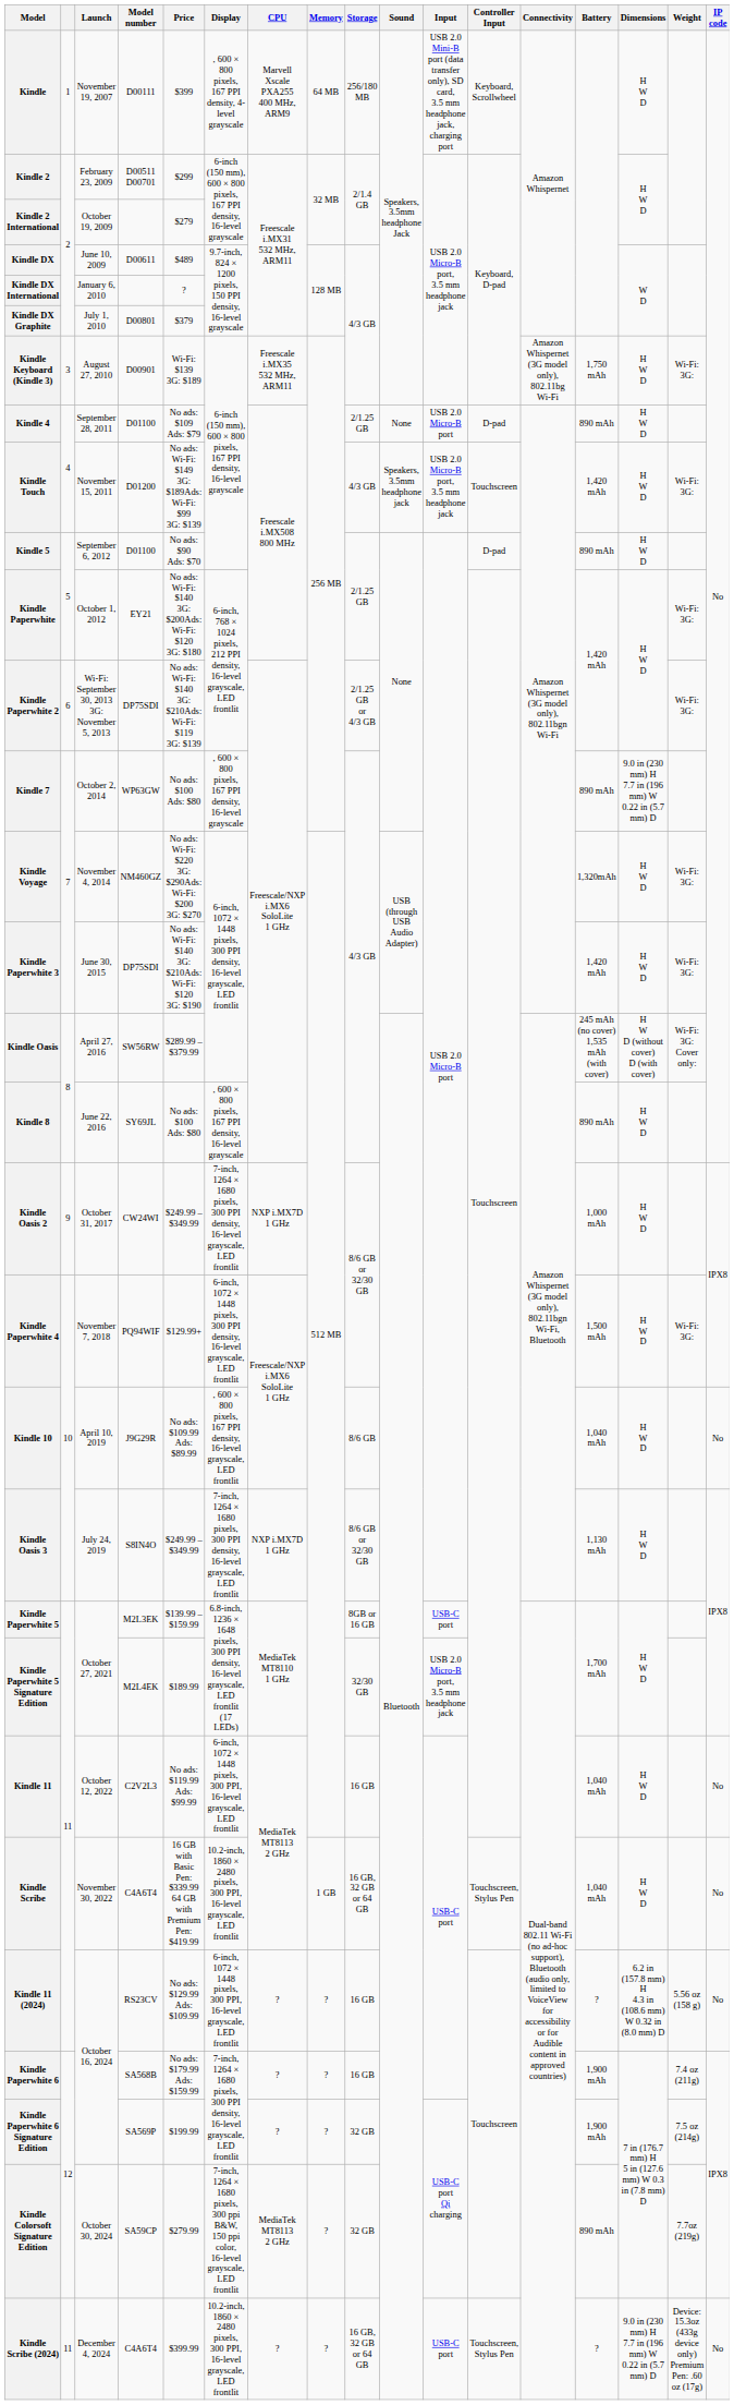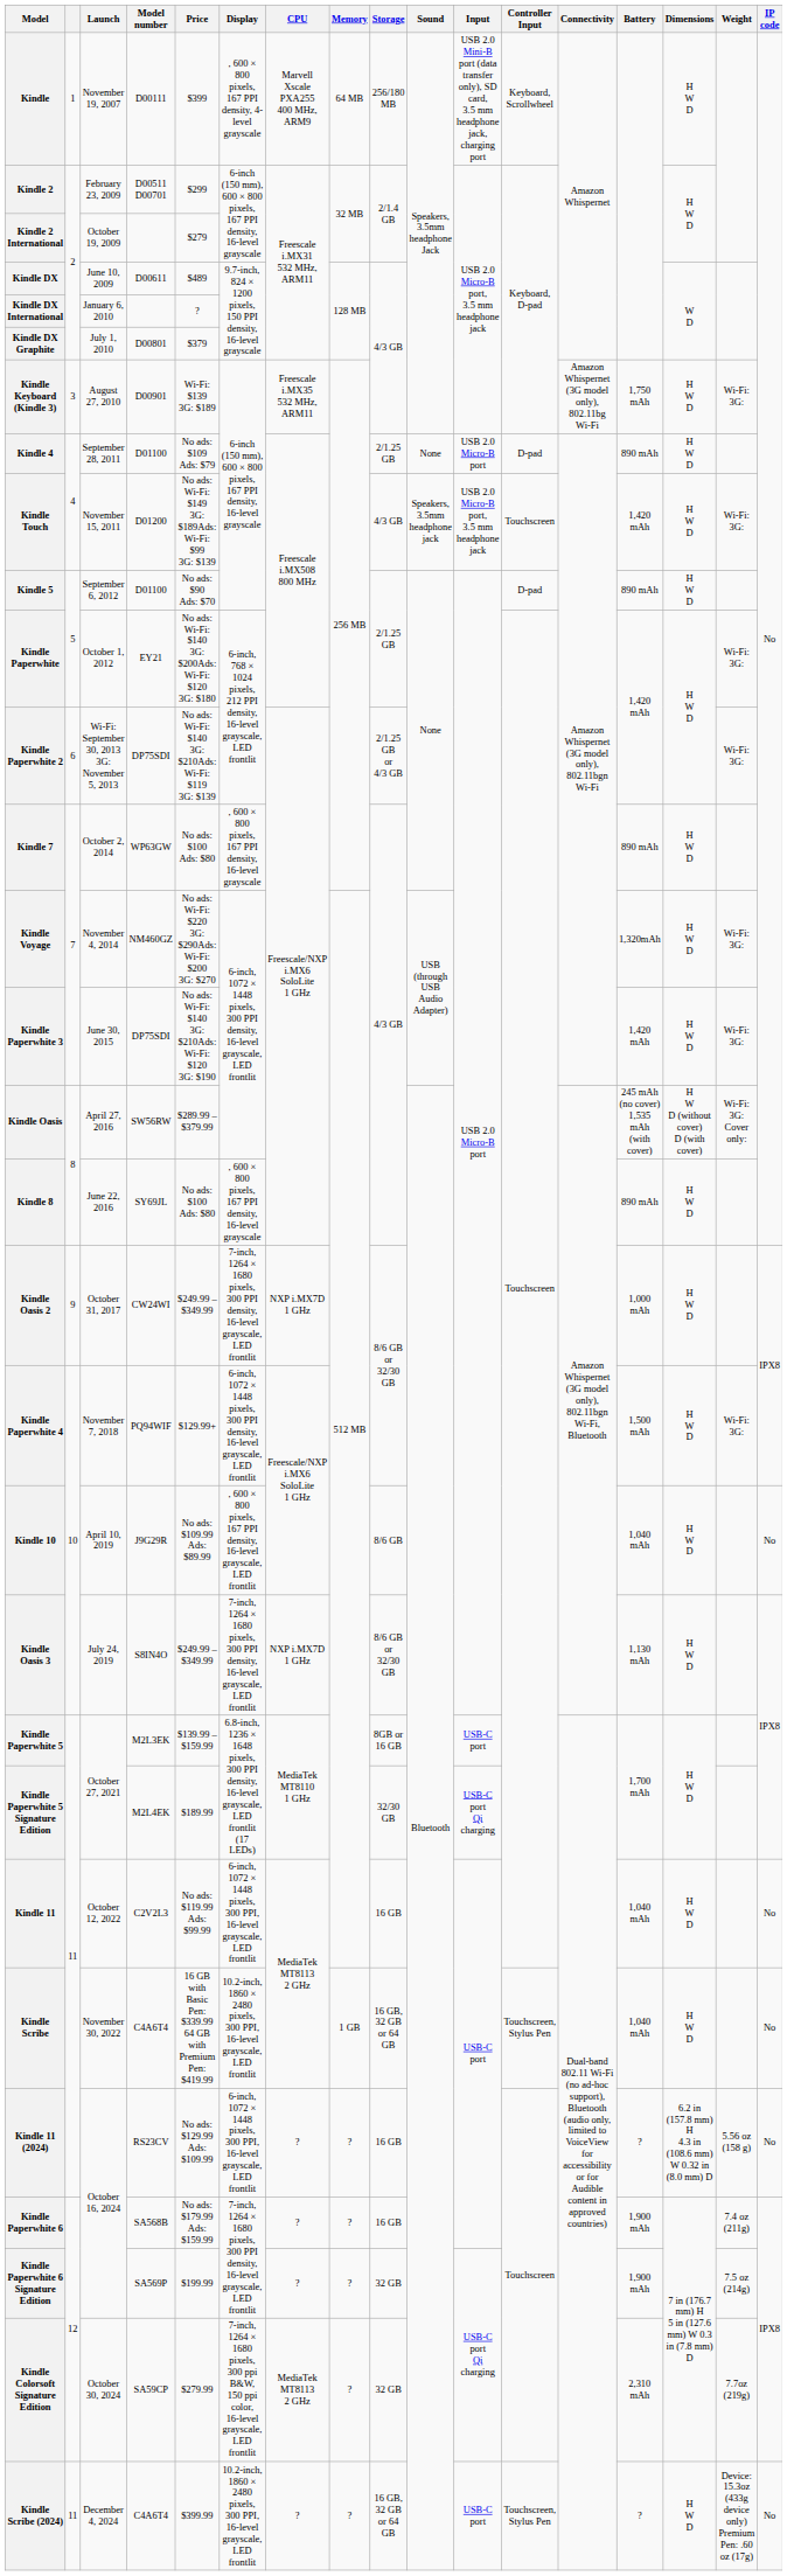 <table class="wikitable sortable" style="font-size:85%; text-align: center;">
 <tr>
 <th>Model</th>
 <th></th>
 <th>Launch</th>
 <th>Model number</th>
 <th>Price</th>
 <th>Display</th>
 <th><a href='#'>CPU</a></th>
 <th><a href='#'>Memory</a></th>
 <th><a href='#'>Storage</a></th>
 <th>Sound</th>
 <th>Input</th>
 <th>Controller Input</th>
 <th>Connectivity</th>
 <th>Battery</th>
 <th>Dimensions</th>
 <th>Weight</th>
 <th><a href='#'>IP code</a></th>
 </tr>
 <tr>
 <th>Kindle</th>
 <td>1</td>
 <td>November 19, 2007</td>
 <td>D00111</td>
 <td>$399</td>
 <td>, 600 × 800 pixels, 167 PPI density, 4-level grayscale</td>
 <td>Marvell Xscale PXA255 400 MHz, ARM9</td>
 <td>64 MB</td>
 <td>256/180 MB</td>
 <td rowspan="7">Speakers, 3.5mm headphone Jack</td>
 <td>USB 2.0 <a href='#'>Mini-B</a> port (data transfer only), SD card, 3.5 mm headphone jack, charging port</td>
 <td>Keyboard, Scrollwheel</td>
 <td rowspan="6">Amazon Whispernet</td>
 <td rowspan="6"></td>
 <td> H<br> W<br> D</td>
 <td rowspan="3"></td>
 <td rowspan="17">No</td>
 </tr>
 <tr>
 <th>Kindle 2</th>
 <td rowspan="5">2</td>
 <td>February 23, 2009</td>
 <td>D00511<br>D00701</td>
 <td>$299</td>
 <td rowspan="2">6-inch (150 mm), 600 × 800 pixels, 167 PPI density, 16-level grayscale</td>
 <td rowspan="5">Freescale i.MX31 532 MHz, ARM11</td>
 <td rowspan="2">32 MB</td>
 <td rowspan="2">2/1.4 GB</td>
 <td rowspan="6">USB 2.0 <a href='#'>Micro-B</a> port, 3.5 mm headphone jack</td>
 <td rowspan="6">Keyboard, D-pad</td>
 <td rowspan="2"> H<br> W<br> D</td>
 </tr>
 <tr>
 <th>Kindle 2 International</th>
 <td>October 19, 2009</td>
 <td></td>
 <td>$279</td>
 </tr>
 <tr>
 <th>Kindle DX</th>
 <td>June 10, 2009</td>
 <td>D00611</td>
 <td>$489</td>
 <td rowspan="3">9.7-inch, 824 × 1200 pixels, 150 PPI density, 16-level grayscale</td>
 <td rowspan="3">128 MB</td>
 <td rowspan="4">4/3 GB</td>
 <td rowspan="3"><br> W<br> D</td>
 <td rowspan="3"></td>
 </tr>
 <tr>
 <th>Kindle DX International</th>
 <td>January 6, 2010</td>
 <td></td>
 <td>?</td>
 </tr>
 <tr>
 <th>Kindle DX Graphite</th>
 <td>July 1, 2010</td>
 <td>D00801</td>
 <td>$379</td>
 </tr>
 <tr>
 <th>Kindle Keyboard<br>(Kindle 3)</th>
 <td>3</td>
 <td>August 27, 2010</td>
 <td>D00901</td>
 <td>Wi-Fi: $139<br>3G: $189</td>
 <td rowspan="4">6-inch (150 mm), 600 × 800 pixels, 167 PPI density, 16-level grayscale</td>
 <td>Freescale i.MX35 532 MHz, ARM11</td>
 <td rowspan="7">256 MB</td>
 <td>Amazon Whispernet (3G model only), 802.11bg Wi-Fi</td>
 <td>1,750 mAh</td>
 <td> H<br> W<br> D</td>
 <td>Wi-Fi: 3G: </td>
 </tr>
 <tr>
 <th>Kindle 4</th>
 <td rowspan="2">4</td>
 <td>September 28, 2011</td>
 <td>D01100</td>
 <td>No ads: $109<br>Ads: $79</td>
 <td rowspan="4">Freescale i.MX508 800 MHz</td>
 <td>2/1.25 GB</td>
 <td>None</td>
 <td>USB 2.0 <a href='#'>Micro-B</a> port</td>
 <td>D-pad</td>
 <td rowspan="8">Amazon Whispernet (3G model only), 802.11bgn Wi-Fi</td>
 <td>890 mAh</td>
 <td> H<br> W<br> D</td>
 <td></td>
 </tr>
 <tr>
 <th>Kindle Touch</th>
 <td>November 15, 2011</td>
 <td>D01200</td>
 <td>No ads:<br>Wi-Fi: $149<br>3G: $189Ads:<br>Wi-Fi: $99<br>3G: $139</td>
 <td>4/3 GB</td>
 <td>Speakers, 3.5mm headphone jack</td>
 <td>USB 2.0 <a href='#'>Micro-B</a> port, 3.5 mm headphone jack</td>
 <td>Touchscreen</td>
 <td>1,420 mAh</td>
 <td> H<br> W<br> D</td>
 <td>Wi-Fi: 3G: </td>
 </tr>
 <tr>
 <th>Kindle 5</th>
 <td rowspan="2">5</td>
 <td>September 6, 2012</td>
 <td>D01100</td>
 <td>No ads: $90<br>Ads: $70</td>
 <td rowspan="2">2/1.25 GB</td>
 <td rowspan="4">None</td>
 <td rowspan="12">USB 2.0 <a href='#'>Micro-B</a> port</td>
 <td>D-pad</td>
 <td>890 mAh</td>
 <td> H<br> W<br> D</td>
 <td></td>
 </tr>
 <tr>
 <th>Kindle Paperwhite</th>
 <td>October 1, 2012</td>
 <td>EY21</td>
 <td>No ads:<br>Wi-Fi: $140<br>3G: $200Ads:<br>Wi-Fi: $120<br>3G: $180</td>
 <td rowspan="2">6-inch, 768 × 1024 pixels, 212 PPI density, 16-level grayscale, LED frontlit</td>
 <td rowspan="14">Touchscreen</td>
 <td rowspan="2">1,420 mAh</td>
 <td rowspan="2"> H<br> W<br> D</td>
 <td>Wi-Fi: 3G: </td>
 </tr>
 <tr>
 <th>Kindle Paperwhite 2</th>
 <td>6</td>
 <td>Wi-Fi: September 30, 2013<br>3G: November 5, 2013</td>
 <td>DP75SDI</td>
 <td>No ads:<br>Wi-Fi: $140<br>3G: $210Ads:<br>Wi-Fi: $119<br>3G: $139</td>
 <td rowspan="6">Freescale/NXP i.MX6 SoloLite 1 GHz</td>
 <td>2/1.25 GB<br>or<br>4/3 GB</td>
 <td>Wi-Fi: 3G: </td>
 </tr>
 <tr>
 <th>Kindle 7</th>
 <td rowspan="3">7</td>
 <td>October 2, 2014</td>
 <td>WP63GW</td>
 <td>No ads: $100<br>Ads: $80</td>
 <td>, 600 × 800 pixels, 167 PPI density, 16-level grayscale</td>
 <td rowspan="5">4/3 GB</td>
 <td>890 mAh</td>
-<td>9.0 in (230 mm) H<br>7.7 in (196 mm) W 0.22 in (5.7 mm) D</td>
+<td> H<br> W<br> D</td>
 <td></td>
 </tr>
 <tr>
 <th>Kindle Voyage</th>
 <td>November 4, 2014</td>
 <td>NM460GZ</td>
 <td>No ads:<br>Wi-Fi: $220<br>3G: $290Ads:<br>Wi-Fi: $200<br>3G: $270</td>
 <td rowspan="3">6-inch, 1072 × 1448 pixels, 300 PPI density, 16-level grayscale, LED frontlit</td>
 <td rowspan="11">512 MB</td>
 <td rowspan="2">USB (through USB Audio Adapter)</td>
 <td>1,320mAh</td>
 <td> H<br> W<br> D</td>
 <td>Wi-Fi: 3G: </td>
 </tr>
 <tr>
 <th>Kindle Paperwhite 3</th>
 <td>June 30, 2015</td>
 <td>DP75SDI</td>
 <td>No ads:<br>Wi-Fi: $140<br>3G: $210Ads:<br>Wi-Fi: $120<br>3G: $190</td>
 <td>1,420 mAh</td>
 <td> H<br> W<br> D</td>
 <td>Wi-Fi: 3G: </td>
 </tr>
 <tr>
 <th>Kindle Oasis</th>
 <td rowspan="2">8</td>
 <td>April 27, 2016</td>
 <td>SW56RW</td>
 <td>$289.99 – $379.99</td>
 <td rowspan="15">Bluetooth</td>
 <td rowspan="6">Amazon Whispernet (3G model only), 802.11bgn Wi-Fi, Bluetooth</td>
 <td>245 mAh (no cover)<br>1,535 mAh (with cover)</td>
 <td> H<br> W<br> D (without cover)<br> D (with cover)</td>
 <td>Wi-Fi: 3G: Cover only: </td>
 </tr>
 <tr>
 <th>Kindle 8</th>
 <td>June 22, 2016</td>
 <td>SY69JL</td>
 <td>No ads: $100<br>Ads: $80</td>
 <td>, 600 × 800 pixels, 167 PPI density, 16-level grayscale</td>
 <td>890 mAh</td>
 <td> H<br> W<br> D</td>
 <td></td>
 </tr>
 <tr>
 <th>Kindle Oasis 2</th>
 <td>9</td>
 <td>October 31, 2017</td>
 <td>CW24WI</td>
 <td>$249.99 – $349.99</td>
 <td>7-inch, 1264 × 1680 pixels, 300 PPI density, 16-level grayscale, LED frontlit</td>
 <td>NXP i.MX7D 1 GHz</td>
 <td rowspan="2">8/6 GB or 32/30 GB</td>
 <td>1,000 mAh</td>
 <td> H<br> W<br> D</td>
 <td></td>
 <td rowspan="2">IPX8</td>
 </tr>
 <tr>
 <th>Kindle Paperwhite 4</th>
 <td rowspan="3">10</td>
 <td>November 7, 2018</td>
 <td>PQ94WIF</td>
 <td>$129.99+</td>
 <td>6-inch, 1072 × 1448 pixels, 300 PPI density, 16-level grayscale, LED frontlit</td>
 <td rowspan="2">Freescale/NXP i.MX6 SoloLite 1 GHz</td>
 <td>1,500 mAh</td>
 <td> H<br> W<br> D</td>
 <td>Wi-Fi: 3G: </td>
 </tr>
 <tr>
 <th>Kindle 10</th>
 <td>April 10, 2019</td>
 <td>J9G29R</td>
 <td>No ads: $109.99<br>Ads: $89.99</td>
 <td>, 600 × 800 pixels, 167 PPI density, 16-level grayscale, LED frontlit</td>
 <td>8/6 GB</td>
 <td>1,040 mAh</td>
 <td> H<br> W<br> D</td>
 <td></td>
 <td>No</td>
 </tr>
 <tr>
 <th>Kindle Oasis 3</th>
 <td>July 24, 2019</td>
 <td>S8IN4O</td>
 <td>$249.99 – $349.99</td>
 <td>7-inch, 1264 × 1680 pixels, 300 PPI density, 16-level grayscale, LED frontlit</td>
 <td>NXP i.MX7D 1 GHz</td>
 <td>8/6 GB or 32/30 GB</td>
 <td>1,130 mAh</td>
 <td> H<br> W<br> D</td>
 <td></td>
 <td rowspan=3>IPX8</td>
 </tr>
 <tr>
 <th>Kindle Paperwhite 5</th>
 <td rowspan="5">11</td>
 <td rowspan=2>October 27, 2021</td>
 <td>M2L3EK</td>
 <td>$139.99 – $159.99</td>
 <td rowspan="2">6.8-inch, 1236 × 1648 pixels, 300 PPI density, 16-level grayscale,<br>LED frontlit (17 LEDs)</td>
 <td rowspan="2">MediaTek MT8110<br>1 GHz </td>
 <td>8GB or<br>16 GB</td>
 <td><a href='#'>USB-C</a> port</td>
 <td rowspan="9">Dual-band 802.11 Wi-Fi (no ad-hoc support), Bluetooth (audio only, limited to VoiceView for accessibility or for Audible content in approved countries)</td>
 <td rowspan="2">1,700 mAh<br></td>
 <td rowspan=2> H<br> W<br> D</td>
 <td></td>
 </tr>
 <tr>
 <th>Kindle Paperwhite 5 Signature Edition</th>
 <td>M2L4EK</td>
 <td>$189.99</td>
 <td>32/30 GB</td>
-<td>USB 2.0 <a href='#'>Micro-B</a> port, 3.5 mm headphone jack</td>
+<td><a href='#'>USB-C</a> port<br><a href='#'>Qi</a> charging</td>
 <td></td>
 </tr>
 <tr>
 <th>Kindle 11</th>
 <td>October 12, 2022</td>
 <td>C2V2L3</td>
 <td>No ads: $119.99<br>Ads: $99.99</td>
 <td>6-inch, 1072 × 1448 pixels, 300 PPI, 16-level grayscale,<br>LED frontlit</td>
 <td rowspan="2">MediaTek MT8113<br>2 GHz</td>
 <td>16 GB</td>
 <td rowspan="4"><a href='#'>USB-C</a> port</td>
 <td>1,040 mAh</td>
 <td> H<br> W<br> D</td>
 <td></td>
 <td>No</td>
 </tr>
 <tr>
 <th>Kindle Scribe</th>
 <td>November 30, 2022</td>
 <td>C4A6T4</td>
 <td>16 GB with Basic Pen:<br>$339.99 64 GB with Premium Pen: $419.99</td>
 <td>10.2-inch, 1860 × 2480 pixels, 300 PPI, 16-level grayscale, LED frontlit</td>
 <td>1 GB</td>
 <td>16 GB,<br>32 GB or  64 GB</td>
 <td>Touchscreen, Stylus Pen</td>
 <td>1,040 mAh</td>
 <td> H<br> W<br> D</td>
 <td></td>
 <td>No</td>
 </tr>
 <tr>
 <th>Kindle 11 (2024)</th>
 <td rowspan="3">October 16, 2024</td>
 <td>RS23CV</td>
 <td>No ads: $129.99<br>Ads: $109.99</td>
 <td>6-inch, 1072 × 1448 pixels, 300 PPI, 16-level grayscale,<br>LED frontlit</td>
 <td>?</td>
 <td>?</td>
 <td>16 GB</td>
 <td rowspan="4">Touchscreen</td>
 <td>?</td>
 <td>6.2 in (157.8 mm) H<br>4.3 in (108.6 mm) W 0.32 in (8.0 mm) D</td>
 <td>5.56 oz (158 g)</td>
 <td>No</td>
 </tr>
 <tr>
 <th>Kindle Paperwhite 6</th>
 <td rowspan="3">12</td>
 <td>SA568B</td>
 <td>No ads: $179.99<br>Ads: $159.99</td>
 <td rowspan="2">7-inch, 1264 × 1680 pixels, 300 PPI density, 16-level grayscale,<br>LED frontlit</td>
 <td>?</td>
 <td>?</td>
 <td>16 GB</td>
 <td>1,900 mAh</td>
 <td rowspan="3">7 in (176.7 mm) H<br>5 in (127.6 mm) W 0.3 in (7.8 mm) D</td>
 <td>7.4 oz (211g)</td>
 <td rowspan="3">IPX8</td>
 </tr>
 <tr>
 <th>Kindle Paperwhite 6<br>Signature Edition</th>
 <td>SA569P</td>
 <td>$199.99</td>
 <td>?</td>
 <td>?</td>
 <td>32 GB</td>
 <td rowspan="2"><a href='#'>USB-C</a> port<br><a href='#'>Qi</a> charging</td>
 <td>1,900 mAh</td>
 <td>7.5 oz (214g)</td>
 </tr>
 <tr>
 <th>Kindle Colorsoft Signature Edition</th>
 <td>October 30, 2024</td>
 <td>SA59CP</td>
 <td>$279.99</td>
 <td>7-inch, 1264 × 1680 pixels, 300 ppi B&W, 150 ppi color,<br>16-level grayscale, LED frontlit</td>
 <td>MediaTek MT8113<br>2 GHz</td>
 <td>?</td>
 <td>32 GB</td>
-<td>890 mAh</td>
+<td>2,310 mAh</td>
 <td>7.7oz (219g)</td>
 </tr>
 <tr>
 <th>Kindle Scribe (2024)</th>
 <td>11</td>
 <td>December 4, 2024</td>
 <td>C4A6T4</td>
 <td>$399.99</td>
 <td>10.2-inch, 1860 × 2480 pixels, 300 PPI, 16-level grayscale, LED frontlit</td>
 <td>?</td>
 <td>?</td>
 <td>16 GB, 32 GB or 64 GB</td>
 <td><a href='#'>USB-C</a> port</td>
 <td>Touchscreen, Stylus Pen</td>
 <td>?</td>
-<td>9.0 in (230 mm) H<br>7.7 in (196 mm) W 0.22 in (5.7 mm) D</td>
+<td> H<br> W<br> D</td>
 <td>Device: 15.3oz (433g device only)<br>Premium Pen: .60 oz (17g)</td>
 <td>No</td>
 </tr>
 </table>
